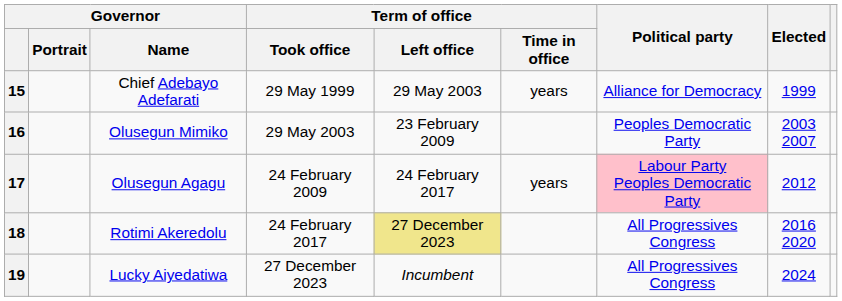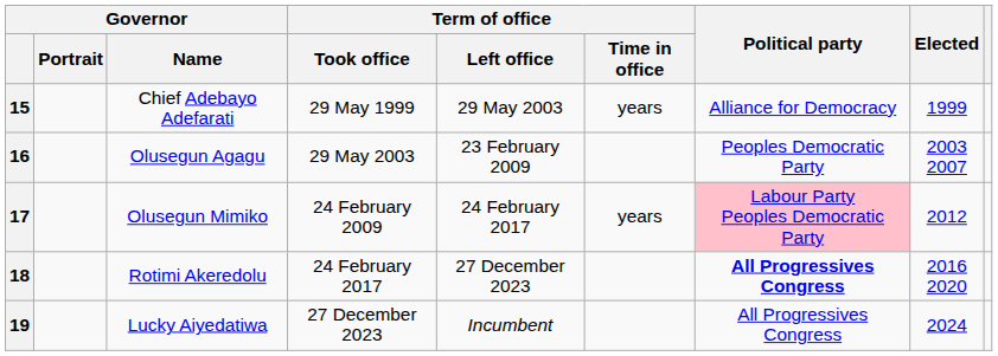 <table class="wikitable" style="text-align:center">
 <tr>
 <th colspan=3>Governor</th>
 <th colspan=3>Term of office</th>
 <th rowspan=2>Political party</th>
 <th rowspan=2>Elected</th>
 <th rowspan=2></th>
 </tr>
 <tr>
 <th></th>
 <th>Portrait</th>
 <th>Name<br></th>
 <th>Took office</th>
 <th>Left office</th>
 <th>Time in office</th>
 </tr>
 <tr>
 <th style="background:">15</th>
 <td></td>
 <td>Chief <a href='#'>Adebayo Adefarati</a><br></td>
 <td>29 May 1999</td>
 <td>29 May 2003</td>
 <td> years</td>
 <td><a href='#'>Alliance for Democracy</a></td>
 <td><a href='#'>1999</a></td>
 <td></td>
 </tr>
 <tr>
 <th style="background:">16</th>
 <td></td>
-<td><a href='#'>Olusegun Mimiko</a><br></td>
+<td><a href='#'>Olusegun Agagu</a><br></td>
 <td>29 May 2003</td>
 <td>23 February 2009</td>
 <td></td>
 <td><a href='#'>Peoples Democratic Party</a></td>
 <td><a href='#'>2003</a><br><a href='#'>2007</a></td>
 <td></td>
 </tr>
 <tr>
 <th style="background:">17</th>
 <td></td>
-<td><a href='#'>Olusegun Agagu</a><br></td>
+<td><a href='#'>Olusegun Mimiko</a><br></td>
 <td>24 February 2009</td>
 <td>24 February 2017</td>
 <td> years</td>
 <td style="background: pink;"><a href='#'>Labour Party</a><br><a href='#'>Peoples Democratic Party</a></td>
 <td><a href='#'>2012</a></td>
 <td></td>
 </tr>
 <tr>
 <th style="background:">18</th>
 <td></td>
 <td><a href='#'>Rotimi Akeredolu</a><br></td>
 <td>24 February 2017</td>
-<td style="background: khaki;">27 December 2023</td>
+<td>27 December 2023</td>
 <td></td>
-<td><a href='#'>All Progressives Congress</a></td>
+<td><strong><a href='#'>All Progressives Congress</a></strong></td>
 <td><a href='#'>2016</a><br><a href='#'>2020</a></td>
 <td></td>
 </tr>
 <tr>
 <th style="background:">19</th>
 <td></td>
 <td><a href='#'>Lucky Aiyedatiwa</a><br></td>
 <td>27 December 2023</td>
 <td><em>Incumbent</em></td>
 <td></td>
 <td><a href='#'>All Progressives Congress</a></td>
 <td><a href='#'>2024</a></td>
 <td></td>
 </tr>
 </table>
